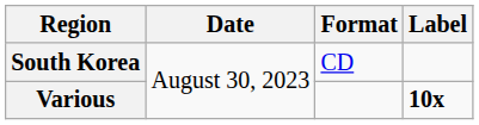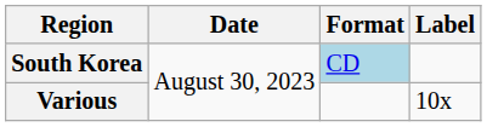 <table class="wikitable plainrowheaders">
 <tr>
 <th scope="col">Region</th>
 <th scope="col">Date</th>
 <th scope="col">Format</th>
 <th scope="col">Label</th>
 </tr>
 <tr>
 <th scope="row">South Korea</th>
 <td rowspan="2">August 30, 2023</td>
-<td><a href='#'>CD</a></td>
+<td style="background: lightblue;"><a href='#'>CD</a></td>
 <td></td>
 </tr>
 <tr>
 <th scope="row">Various</th>
 <td></td>
-<td><strong>10x</strong></td>
+<td>10x</td>
 </tr>
 </table>
